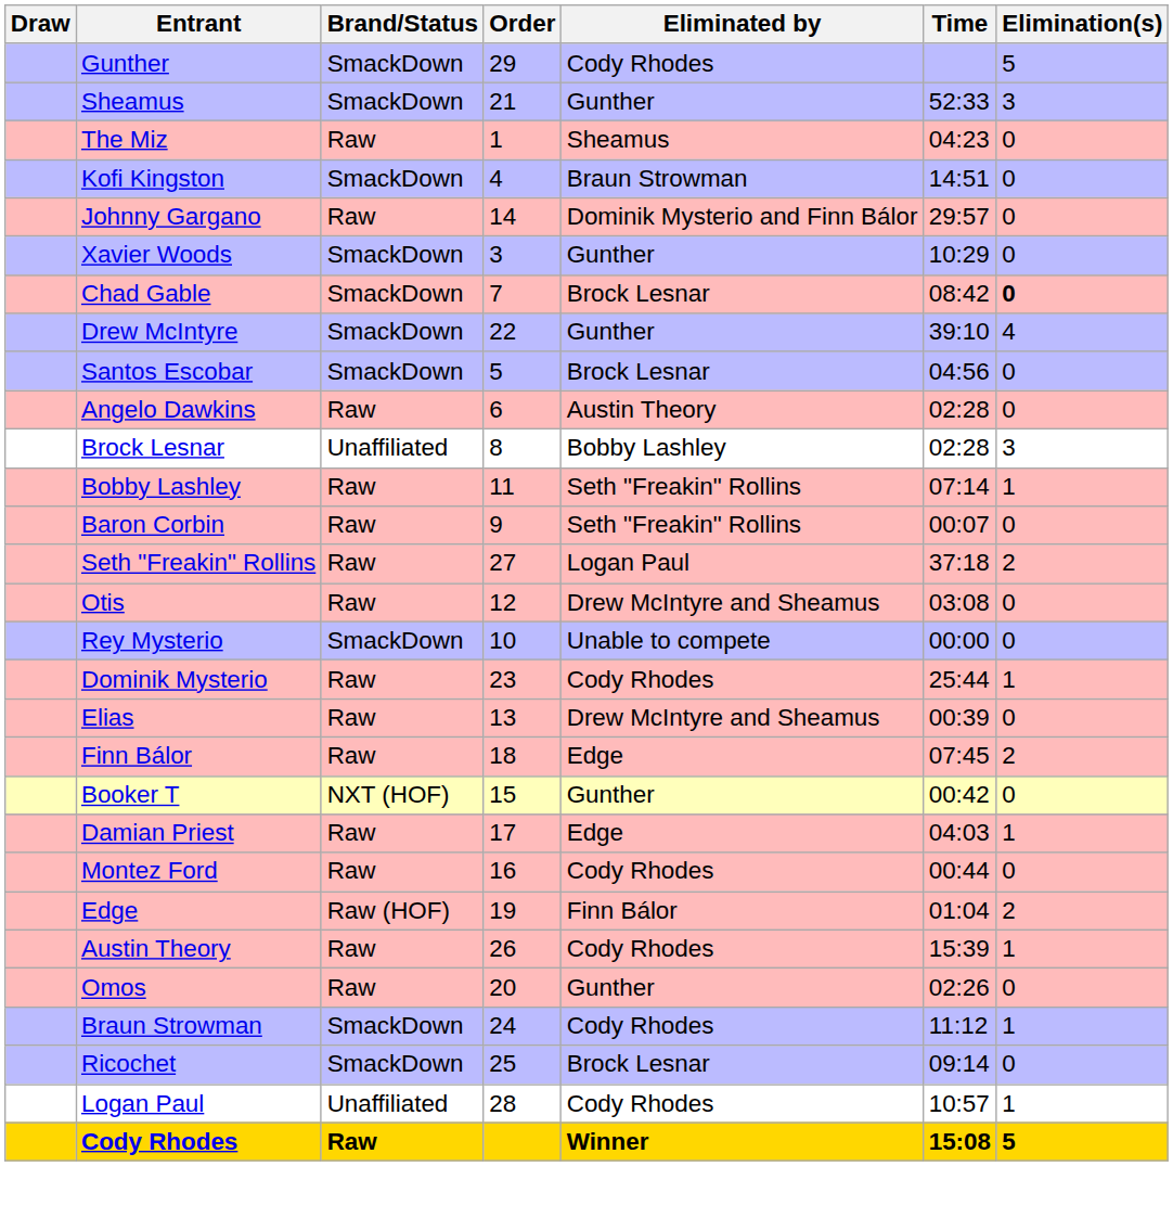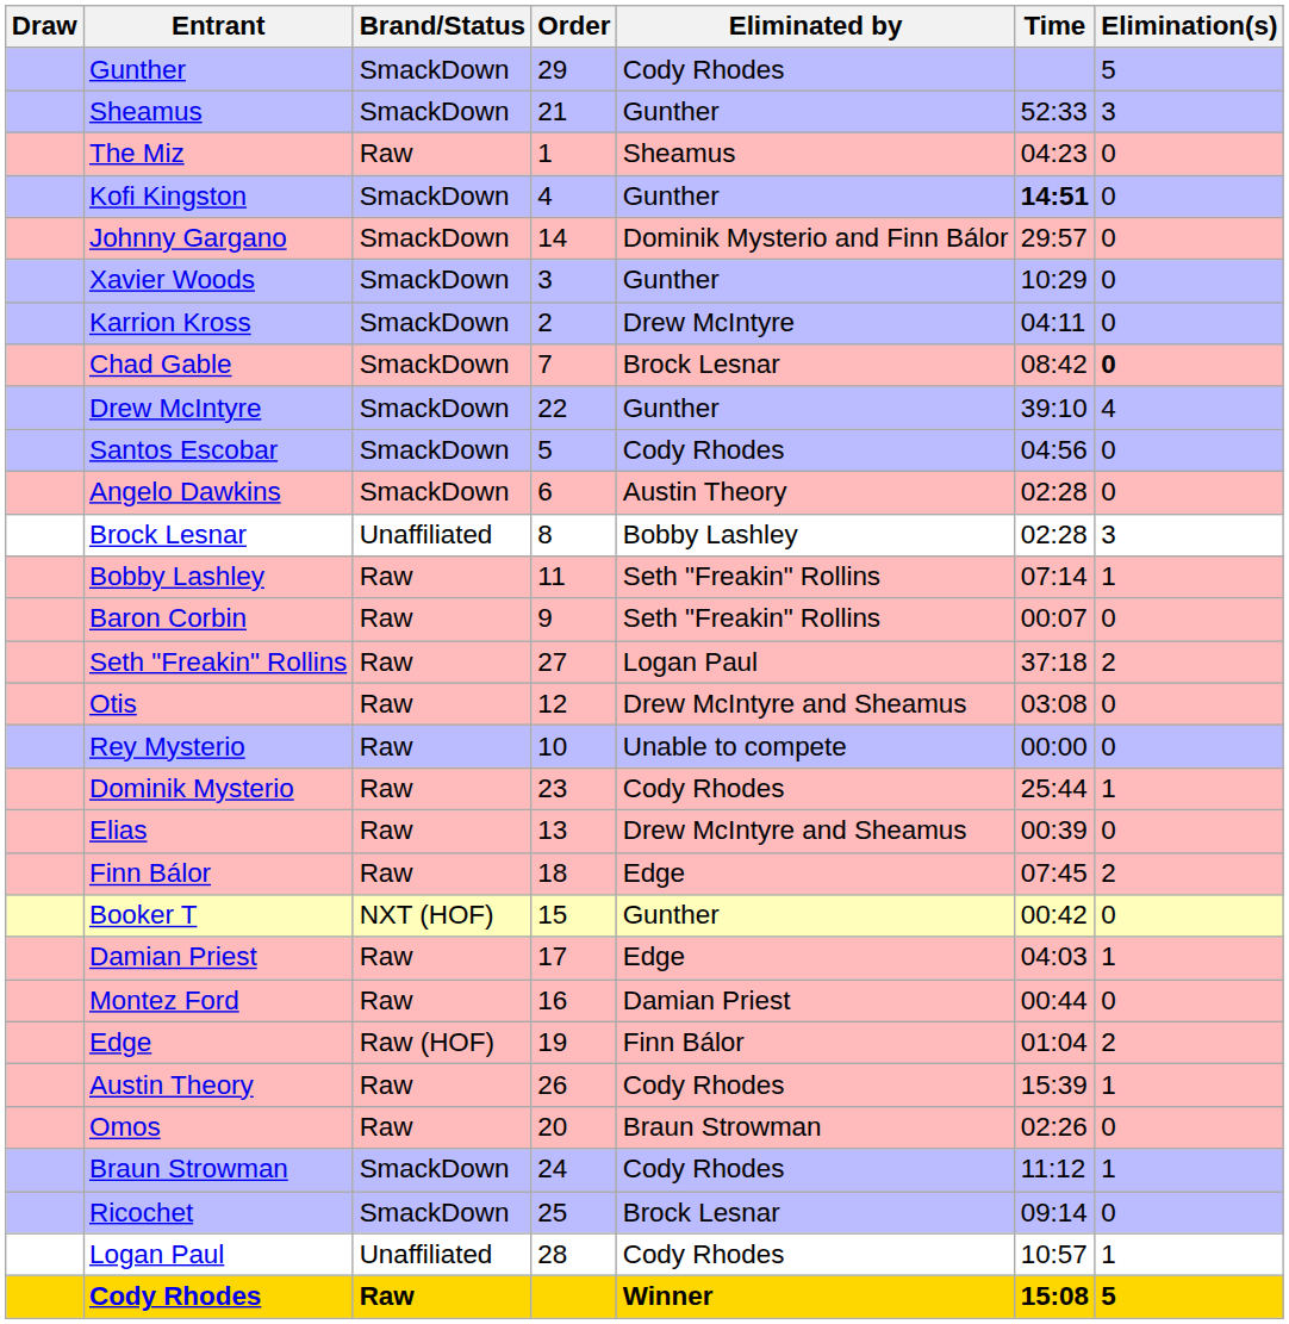 <table class="wikitable sortable">
 <tr>
 <th>Draw</th>
 <th>Entrant</th>
 <th>Brand/Status</th>
 <th>Order</th>
 <th>Eliminated by</th>
 <th>Time</th>
 <th>Elimination(s)</th>
 </tr>
 <tr style="background: #BBF;">
 <td></td>
 <td><a href='#'>Gunther</a></td>
 <td>SmackDown</td>
 <td>29</td>
 <td>Cody Rhodes</td>
 <td></td>
 <td>5</td>
 </tr>
 <tr style="background: #BBF;">
 <td></td>
 <td><a href='#'>Sheamus</a></td>
 <td>SmackDown</td>
 <td>21</td>
 <td>Gunther</td>
 <td>52:33</td>
 <td>3</td>
 </tr>
 <tr style="background: #FBB;">
 <td></td>
 <td><a href='#'>The Miz</a></td>
 <td>Raw</td>
 <td>1</td>
 <td>Sheamus</td>
 <td>04:23</td>
 <td>0</td>
 </tr>
 <tr style="background: #BBF;">
 <td></td>
 <td><a href='#'>Kofi Kingston</a></td>
 <td>SmackDown</td>
 <td>4</td>
-<td>Braun Strowman</td>
-<td>14:51</td>
+<td>Gunther</td>
+<td><strong>14:51</strong></td>
 <td>0</td>
 </tr>
 <tr style="background: #FBB;">
 <td></td>
 <td><a href='#'>Johnny Gargano</a></td>
-<td>Raw</td>
+<td>SmackDown</td>
 <td>14</td>
 <td>Dominik Mysterio and Finn Bálor</td>
 <td>29:57</td>
 <td>0</td>
 </tr>
 <tr style="background: #BBF;">
 <td></td>
 <td><a href='#'>Xavier Woods</a></td>
 <td>SmackDown</td>
 <td>3</td>
 <td>Gunther</td>
 <td>10:29</td>
+<td>0</td>
+</tr>
+<tr style="background:  #BBF;">
+<td></td>
+<td><a href='#'>Karrion Kross</a></td>
+<td>SmackDown</td>
+<td>2</td>
+<td>Drew McIntyre</td>
+<td>04:11</td>
 <td>0</td>
 </tr>
 <tr style="background: #FBB;">
 <td></td>
 <td><a href='#'>Chad Gable</a></td>
 <td>SmackDown</td>
 <td>7</td>
 <td>Brock Lesnar</td>
 <td>08:42</td>
 <td><strong>0</strong></td>
 </tr>
 <tr style="background: #BBF;">
 <td></td>
 <td><a href='#'>Drew McIntyre</a></td>
 <td>SmackDown</td>
 <td>22</td>
 <td>Gunther</td>
 <td>39:10</td>
 <td>4</td>
 </tr>
 <tr style="background: #BBF;">
 <td></td>
 <td><a href='#'>Santos Escobar</a></td>
 <td>SmackDown</td>
 <td>5</td>
-<td>Brock Lesnar</td>
+<td>Cody Rhodes</td>
 <td>04:56</td>
 <td>0</td>
 </tr>
 <tr style="background: #FBB;">
 <td></td>
 <td><a href='#'>Angelo Dawkins</a></td>
-<td>Raw</td>
+<td>SmackDown</td>
 <td>6</td>
 <td>Austin Theory</td>
 <td>02:28</td>
 <td>0</td>
 </tr>
 <tr style="background: #FFF;">
 <td></td>
 <td><a href='#'>Brock Lesnar</a></td>
 <td>Unaffiliated</td>
 <td>8</td>
 <td>Bobby Lashley</td>
 <td>02:28</td>
 <td>3</td>
 </tr>
 <tr style="background: #FBB;">
 <td></td>
 <td><a href='#'>Bobby Lashley</a></td>
 <td>Raw</td>
 <td>11</td>
 <td>Seth "Freakin" Rollins</td>
 <td>07:14</td>
 <td>1</td>
 </tr>
 <tr style="background: #FBB;">
 <td></td>
 <td><a href='#'>Baron Corbin</a></td>
 <td>Raw</td>
 <td>9</td>
 <td>Seth "Freakin" Rollins</td>
 <td>00:07</td>
 <td>0</td>
 </tr>
 <tr style="background: #FBB;">
 <td></td>
 <td><a href='#'>Seth "Freakin" Rollins</a></td>
 <td>Raw</td>
 <td>27</td>
 <td>Logan Paul</td>
 <td>37:18</td>
 <td>2</td>
 </tr>
 <tr style="background: #FBB;">
 <td></td>
 <td><a href='#'>Otis</a></td>
 <td>Raw</td>
 <td>12</td>
 <td>Drew McIntyre and Sheamus</td>
 <td>03:08</td>
 <td>0</td>
 </tr>
 <tr style="background: #BBF;">
 <td></td>
 <td><a href='#'>Rey Mysterio</a></td>
-<td>SmackDown</td>
+<td>Raw</td>
 <td>10</td>
 <td>Unable to compete</td>
 <td>00:00</td>
 <td>0</td>
 </tr>
 <tr style="background: #FBB;">
 <td></td>
 <td><a href='#'>Dominik Mysterio</a></td>
 <td>Raw</td>
 <td>23</td>
 <td>Cody Rhodes</td>
 <td>25:44</td>
 <td>1</td>
 </tr>
 <tr style="background: #FBB;">
 <td></td>
 <td><a href='#'>Elias</a></td>
 <td>Raw</td>
 <td>13</td>
 <td>Drew McIntyre and Sheamus</td>
 <td>00:39</td>
 <td>0</td>
 </tr>
 <tr style="background: #FBB;">
 <td></td>
 <td><a href='#'>Finn Bálor</a></td>
 <td>Raw</td>
 <td>18</td>
 <td>Edge</td>
 <td>07:45</td>
 <td>2</td>
 </tr>
 <tr style="background: #FFB;">
 <td></td>
 <td><a href='#'>Booker T</a></td>
 <td>NXT (HOF)</td>
 <td>15</td>
 <td>Gunther</td>
 <td>00:42</td>
 <td>0</td>
 </tr>
 <tr style="background: #FBB;">
 <td></td>
 <td><a href='#'>Damian Priest</a></td>
 <td>Raw</td>
 <td>17</td>
 <td>Edge</td>
 <td>04:03</td>
 <td>1</td>
 </tr>
 <tr style="background: #FBB;">
 <td></td>
 <td><a href='#'>Montez Ford</a></td>
 <td>Raw</td>
 <td>16</td>
-<td>Cody Rhodes</td>
+<td>Damian Priest</td>
 <td>00:44</td>
 <td>0</td>
 </tr>
 <tr style="background: #FBB;">
 <td></td>
 <td><a href='#'>Edge</a></td>
 <td>Raw (HOF)</td>
 <td>19</td>
 <td>Finn Bálor</td>
 <td>01:04</td>
 <td>2</td>
 </tr>
 <tr style="background: #FBB;">
 <td></td>
 <td><a href='#'>Austin Theory</a></td>
 <td>Raw</td>
 <td>26</td>
 <td>Cody Rhodes</td>
 <td>15:39</td>
 <td>1</td>
 </tr>
 <tr style="background: #FBB;">
 <td></td>
 <td><a href='#'>Omos</a></td>
 <td>Raw</td>
 <td>20</td>
-<td>Gunther</td>
+<td>Braun Strowman</td>
 <td>02:26</td>
 <td>0</td>
 </tr>
 <tr style="background: #BBF;">
 <td></td>
 <td><a href='#'>Braun Strowman</a></td>
 <td>SmackDown</td>
 <td>24</td>
 <td>Cody Rhodes</td>
 <td>11:12</td>
 <td>1</td>
 </tr>
 <tr style="background: #BBF;">
 <td></td>
 <td><a href='#'>Ricochet</a></td>
 <td>SmackDown</td>
 <td>25</td>
 <td>Brock Lesnar</td>
 <td>09:14</td>
 <td>0</td>
 </tr>
 <tr style="background: #FFF">
 <td></td>
 <td><a href='#'>Logan Paul</a></td>
 <td>Unaffiliated</td>
 <td>28</td>
 <td>Cody Rhodes</td>
 <td>10:57</td>
 <td>1</td>
 </tr>
 <tr style="background: gold">
 <td><strong></strong></td>
 <td><strong><a href='#'>Cody Rhodes</a></strong></td>
 <td><strong>Raw</strong></td>
 <td><strong></strong></td>
 <td><strong>Winner</strong></td>
 <td><strong>15:08</strong></td>
 <td><strong>5</strong></td>
 </tr>
 </table>
